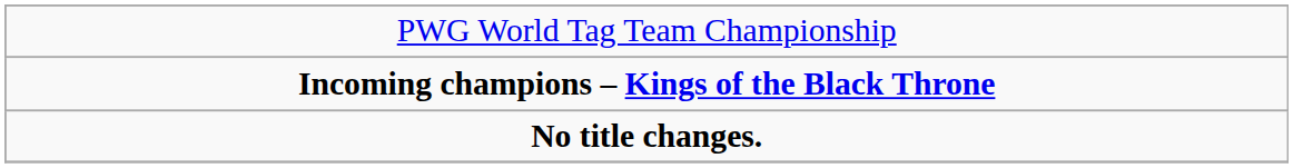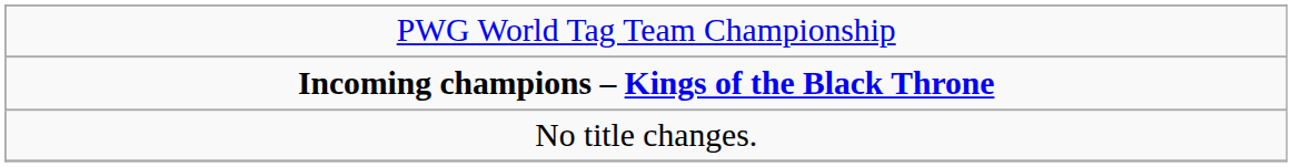 <table class="wikitable" style="text-align:center; width:100%;">
 <tr>
 <td colspan="4" style="text-align: center;"><a href='#'>PWG World Tag Team Championship</a></td>
 </tr>
 <tr>
 <td colspan="4" style="text-align: center;"><strong>Incoming champions – <a href='#'>Kings of the Black Throne</a> </strong></td>
 </tr>
 <tr>
-<td><strong>No title changes.</strong></td>
+<td>No title changes.</td>
 </tr>
 <tr>
 </tr>
 </table>
